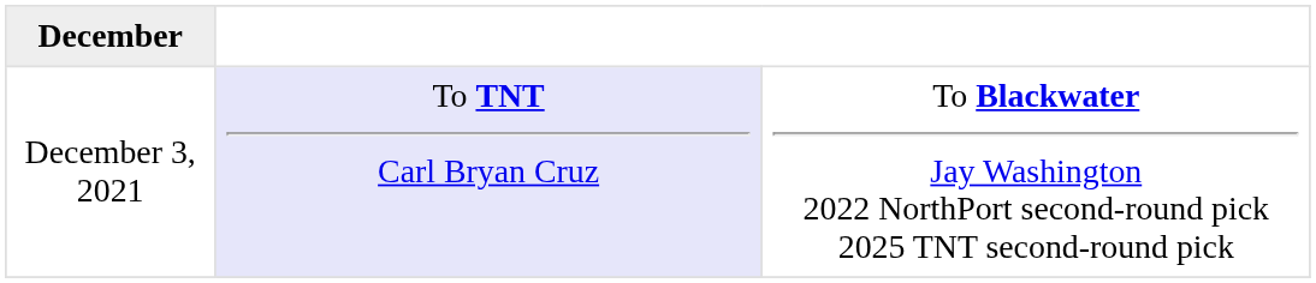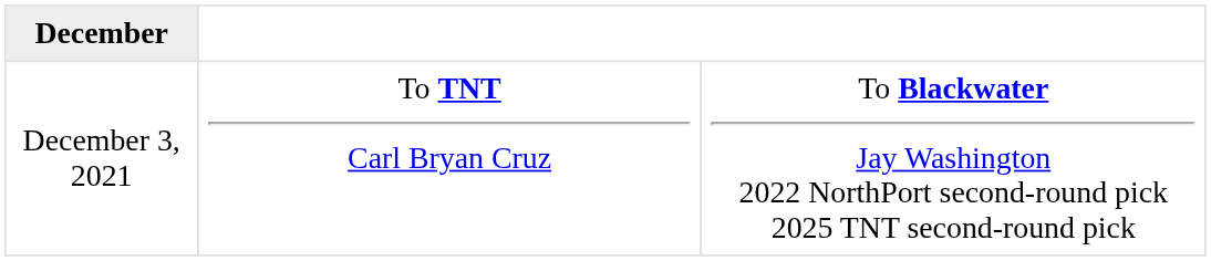 <table border=1 style="border-collapse:collapse; text-align: center; width: 100%" bordercolor="#DFDFDF"  cellpadding="5">
 <tr bgcolor="eeeeee">
 <th>December</th>
 </tr>
 <tr>
 <td style="width:12%">December 3, 2021</td>
-<td style="background: lavender; width:33.3%" valign="top">To <strong><a href='#'>TNT</a></strong><hr><a href='#'>Carl Bryan Cruz</a></td>
+<td style="width:33.3%" valign="top">To <strong><a href='#'>TNT</a></strong><hr><a href='#'>Carl Bryan Cruz</a></td>
 <td style="width:33.3%" valign="top">To <strong><a href='#'>Blackwater</a></strong><hr><a href='#'>Jay Washington</a><br>2022 NorthPort second-round pick<br>2025 TNT second-round pick</td>
 </tr>
 </table>
